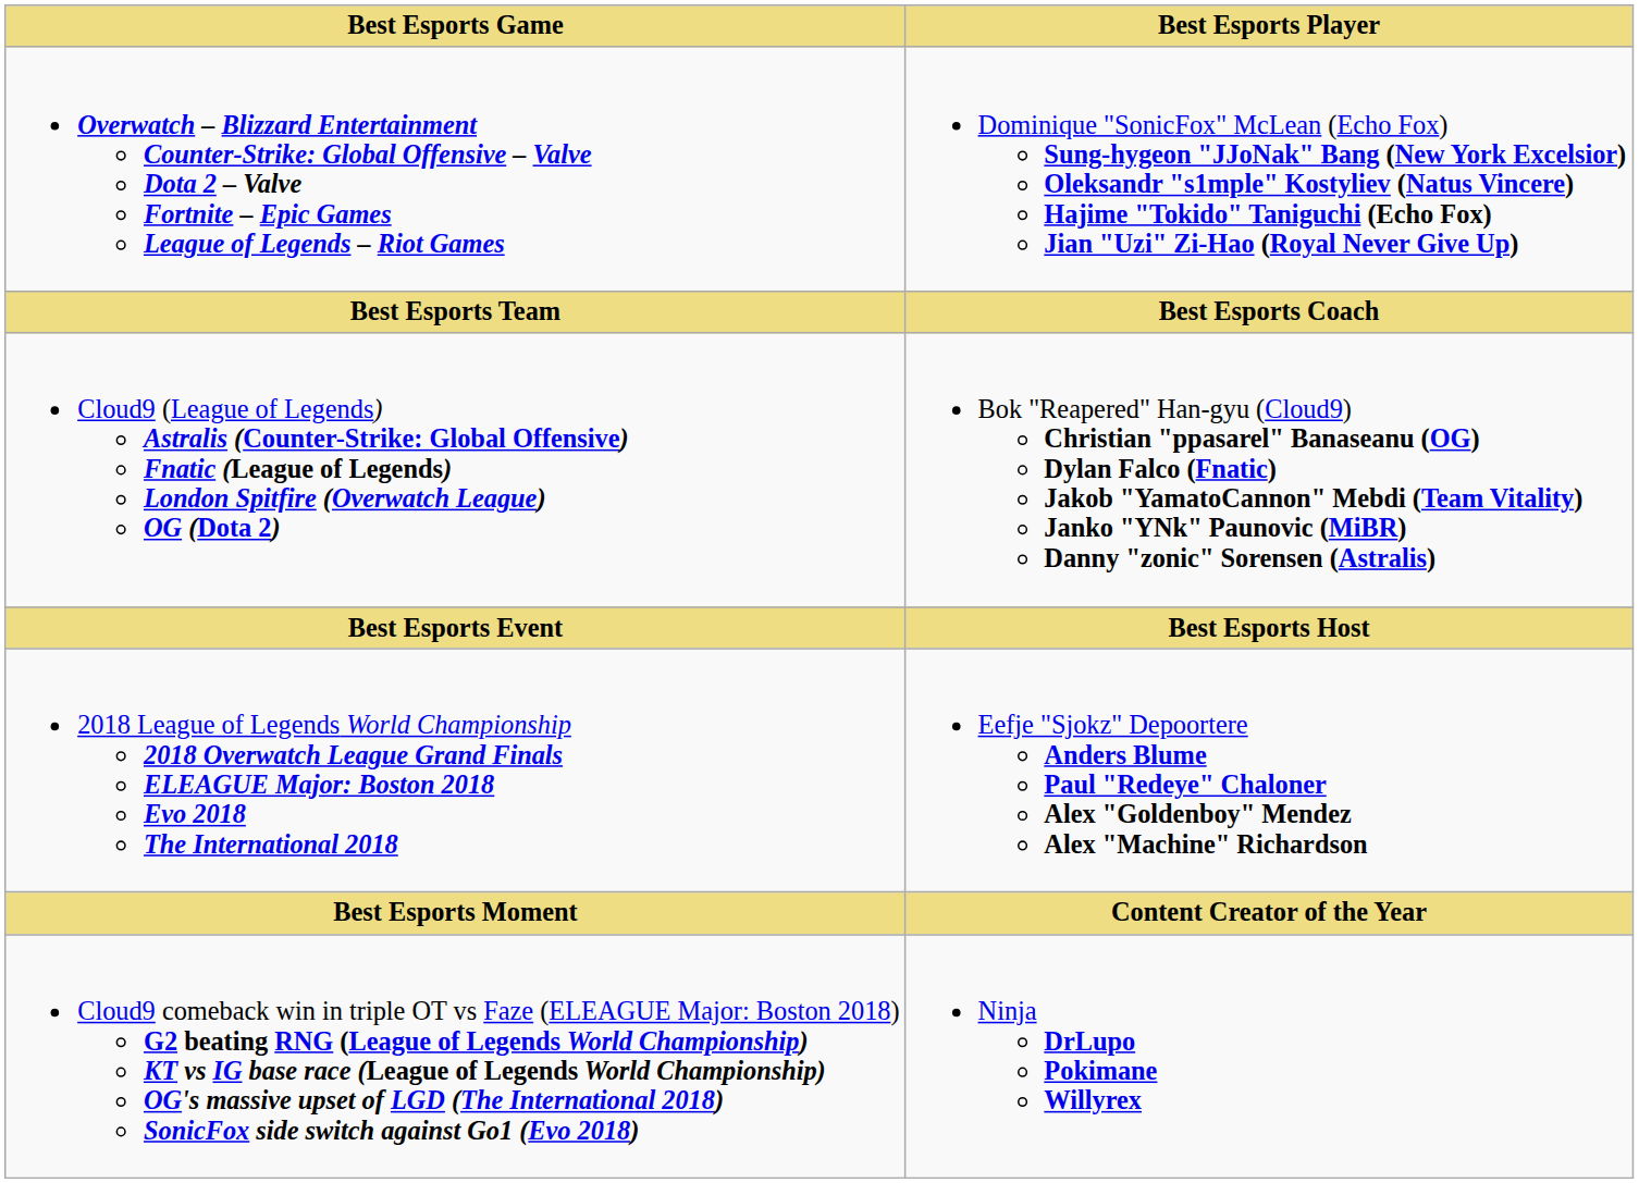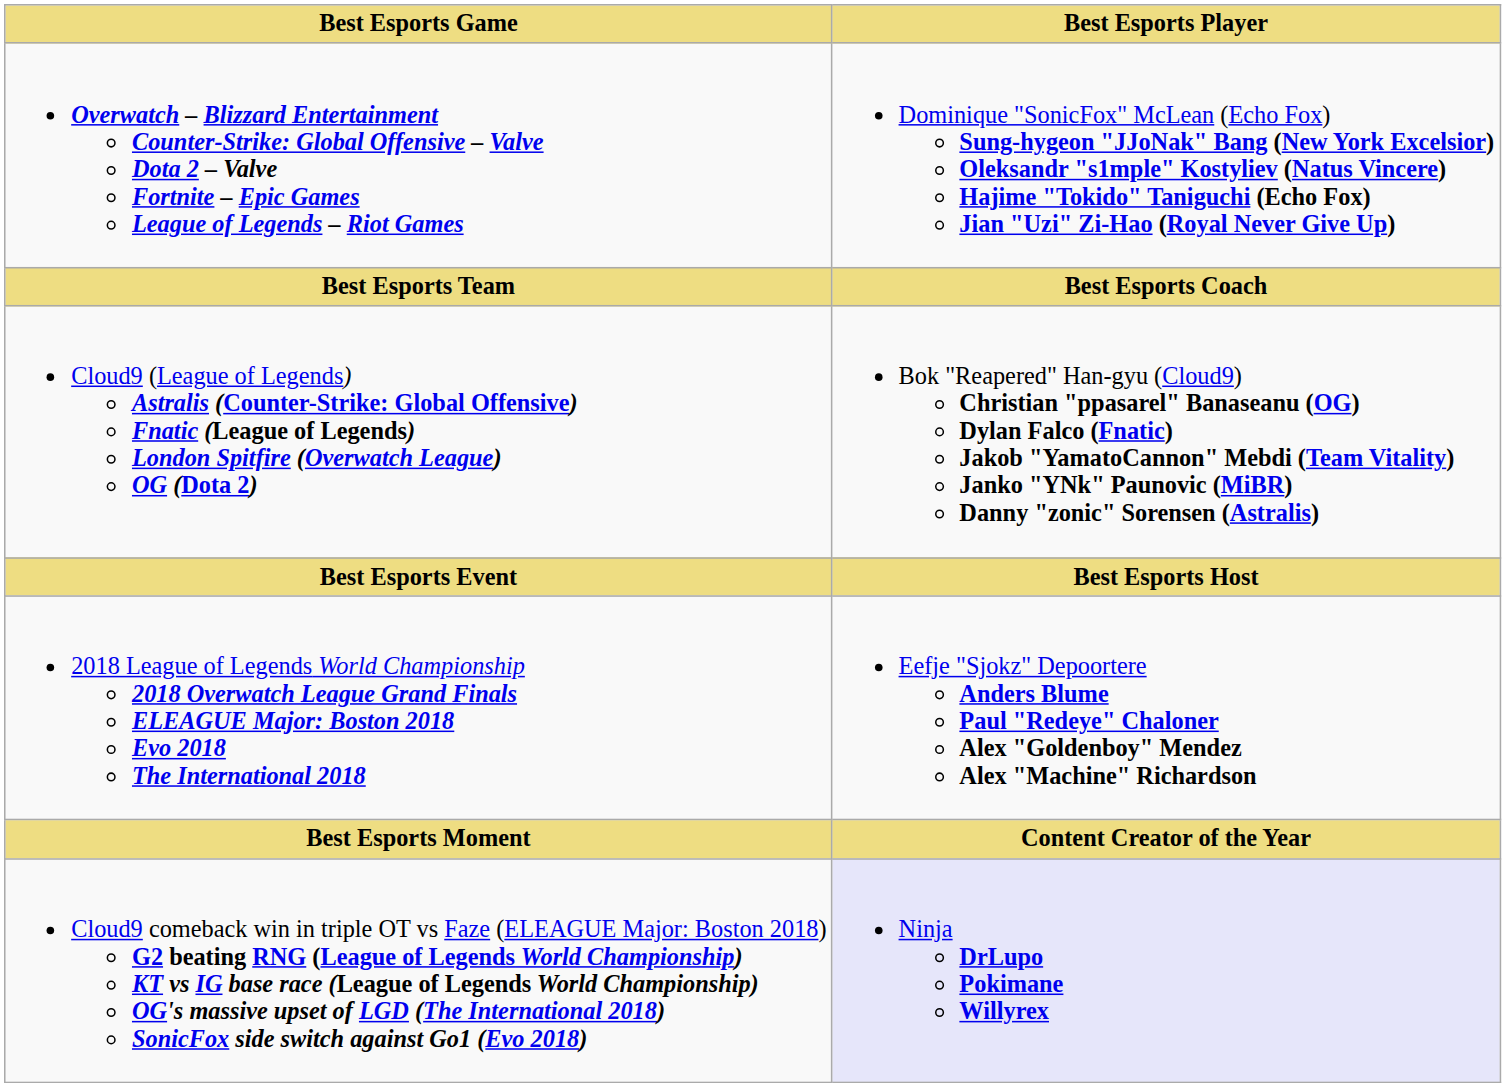 <table class=wikitable>
 <tr>
 <th style="background:#eedd82">Best Esports Game</th>
 <th style="background:#eedd82">Best Esports Player</th>
 </tr>
 <tr>
 <td valign="top"><br><ul><li><strong><em><a href='#'>Overwatch</a><em> – <a href='#'>Blizzard Entertainment</a><strong><ul><li></em><a href='#'>Counter-Strike: Global Offensive</a><em> – <a href='#'>Valve</a></li><li></em><a href='#'>Dota 2</a><em> – Valve</li><li></em><a href='#'>Fortnite</a><em> – <a href='#'>Epic Games</a></li><li></em><a href='#'>League of Legends</a><em> – <a href='#'>Riot Games</a></li></ul></li></ul></td>
 <td valign="top"><br><ul><li></strong><a href='#'>Dominique "SonicFox" McLean</a> (<a href='#'>Echo Fox</a>)<strong><ul><li><a href='#'>Sung-hygeon "JJoNak" Bang</a> (<a href='#'>New York Excelsior</a>)</li><li><a href='#'>Oleksandr "s1mple" Kostyliev</a> (<a href='#'>Natus Vincere</a>)</li><li><a href='#'>Hajime "Tokido" Taniguchi</a> (Echo Fox)</li><li><a href='#'>Jian "Uzi" Zi-Hao</a> (<a href='#'>Royal Never Give Up</a>)</li></ul></li></ul></td>
 </tr>
 <tr>
 <th style="background:#eedd82">Best Esports Team</th>
 <th style="background:#eedd82">Best Esports Coach</th>
 </tr>
 <tr>
 <td valign="top"><br><ul><li></strong><a href='#'>Cloud9</a> (</em><a href='#'>League of Legends</a><em>)<strong><ul><li><a href='#'>Astralis</a> (</em><a href='#'>Counter-Strike: Global Offensive</a><em>)</li><li><a href='#'>Fnatic</a> (</em>League of Legends<em>)</li><li><a href='#'>London Spitfire</a> (<a href='#'>Overwatch League</a>)</li><li><a href='#'>OG</a> (</em><a href='#'>Dota 2</a><em>)</li></ul></li></ul></td>
 <td valign="top"><br><ul><li></strong>Bok "Reapered" Han-gyu (<a href='#'>Cloud9</a>)<strong><ul><li>Christian "ppasarel" Banaseanu (<a href='#'>OG</a>)</li><li>Dylan Falco (<a href='#'>Fnatic</a>)</li><li>Jakob "YamatoCannon" Mebdi (<a href='#'>Team Vitality</a>)</li><li>Janko "YNk" Paunovic (<a href='#'>MiBR</a>)</li><li>Danny "zonic" Sorensen (<a href='#'>Astralis</a>)</li></ul></li></ul></td>
 </tr>
 <tr>
 <th style="background:#eedd82">Best Esports Event</th>
 <th style="background:#eedd82">Best Esports Host</th>
 </tr>
 <tr>
 <td valign="top"><br><ul><li></strong><a href='#'>2018 </em>League of Legends<em> World Championship</a><strong><ul><li><a href='#'>2018 Overwatch League Grand Finals</a></li><li><a href='#'>ELEAGUE Major: Boston 2018</a></li><li><a href='#'>Evo 2018</a></li><li><a href='#'>The International 2018</a></li></ul></li></ul></td>
 <td valign="top"><br><ul><li></strong><a href='#'>Eefje "Sjokz" Depoortere</a><strong><ul><li><a href='#'>Anders Blume</a></li><li><a href='#'>Paul "Redeye" Chaloner</a></li><li>Alex "Goldenboy" Mendez</li><li>Alex "Machine" Richardson</li></ul></li></ul></td>
 </tr>
 <tr>
 <th style="background:#eedd82">Best Esports Moment</th>
 <th style="background:#eedd82">Content Creator of the Year</th>
 </tr>
 <tr>
 <td valign="top"><br><ul><li></strong><a href='#'>Cloud9</a> comeback win in triple OT vs <a href='#'>Faze</a> (<a href='#'>ELEAGUE Major: Boston 2018</a>)<strong><ul><li><a href='#'>G2</a> beating <a href='#'>RNG</a> (<a href='#'></em>League of Legends<em> World Championship</a>)</li><li><a href='#'>KT</a> vs <a href='#'>IG</a> base race (</em>League of Legends<em> World Championship)</li><li><a href='#'>OG</a>'s massive upset of <a href='#'>LGD</a> (<a href='#'>The International 2018</a>)</li><li><a href='#'>SonicFox</a> side switch against Go1 (<a href='#'>Evo 2018</a>)</li></ul></li></ul></td>
-<td valign="top"><br><ul><li></strong><a href='#'>Ninja</a><strong><ul><li><a href='#'>DrLupo</a></li><li><a href='#'>Pokimane</a></li><li><a href='#'>Willyrex</a></li></ul></li></ul></td>
+<td valign="top" style="background: lavender;"><br><ul><li></strong><a href='#'>Ninja</a><strong><ul><li><a href='#'>DrLupo</a></li><li><a href='#'>Pokimane</a></li><li><a href='#'>Willyrex</a></li></ul></li></ul></td>
 </tr>
 </table>
